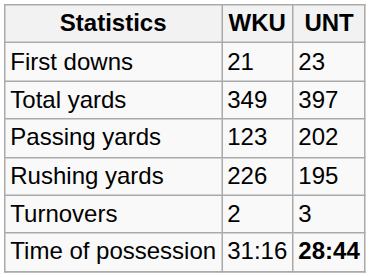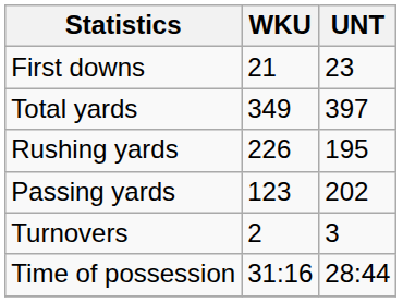 <table class="wikitable">
 <tr>
 <th>Statistics</th>
 <th>WKU</th>
 <th>UNT</th>
 </tr>
 <tr>
 <td>First downs</td>
 <td>21</td>
 <td>23</td>
 </tr>
 <tr>
 <td>Total yards</td>
 <td>349</td>
 <td>397</td>
 </tr>
 <tr>
+<td>Rushing yards</td>
+<td>226</td>
+<td>195</td>
+</tr>
+<tr>
 <td>Passing yards</td>
 <td>123</td>
 <td>202</td>
-</tr>
-<tr>
-<td>Rushing yards</td>
-<td>226</td>
-<td>195</td>
 </tr>
 <tr>
 <td>Turnovers</td>
 <td>2</td>
 <td>3</td>
 </tr>
 <tr>
 <td>Time of possession</td>
 <td>31:16</td>
-<td><strong>28:44</strong></td>
+<td>28:44</td>
 </tr>
 <tr>
 </tr>
 </table>
